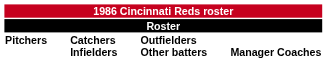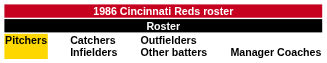 <table class="toccolours" style="font-size: 95%;">
 <tr>
 <th colspan="10" style="background:#c6011f; color:#fff; text-align:center;">1986 Cincinnati Reds roster</th>
 </tr>
 <tr>
 <td colspan="10" style="background:black; color:#fff; text-align:center;"><strong>Roster</strong></td>
 </tr>
 <tr>
-<td valign="top"><strong>Pitchers</strong><br>             </td>
+<td valign="top" style="background: gold;"><strong>Pitchers</strong><br>             </td>
 <td style="width:25px;"></td>
 <td valign="top"><strong>Catchers</strong><br>   <strong>Infielders</strong>          </td>
 <td style="width:25px;"></td>
 <td valign="top"><strong>Outfielders</strong><br>      <strong>Other batters</strong> </td>
 <td style="width:25px;"></td>
 <td valign="top"><br><strong>Manager</strong>  <strong>Coaches</strong>     </td>
 </tr>
 </table>
